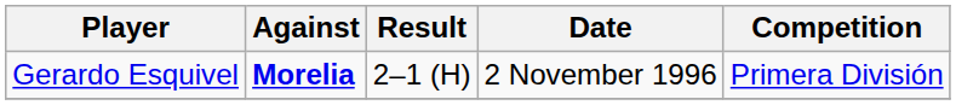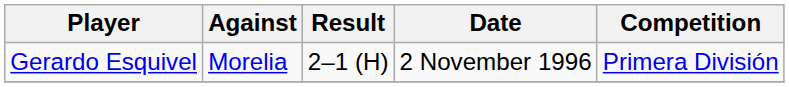 <table class="wikitable">
 <tr>
 <th>Player</th>
 <th>Against</th>
 <th>Result</th>
 <th>Date</th>
 <th>Competition</th>
 </tr>
 <tr>
 <td> <a href='#'>Gerardo Esquivel</a></td>
-<td><strong><a href='#'>Morelia</a></strong></td>
+<td><a href='#'>Morelia</a></td>
 <td>2–1 (H)</td>
 <td>2 November 1996</td>
 <td><a href='#'>Primera División</a></td>
 </tr>
 <tr>
 </tr>
 </table>
